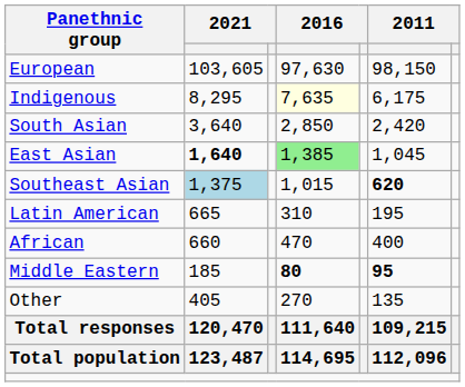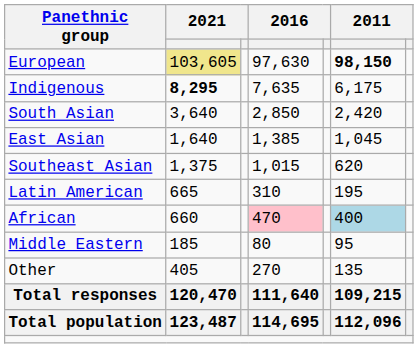 <table class="wikitable collapsible sortable">
 <tr>
 <th rowspan="2"><a href='#'>Panethnic</a><br>group</th>
 <th colspan="2">2021</th>
 <th colspan="2">2016</th>
 <th colspan="2">2011</th>
 </tr>
 <tr>
 <th><a href='#'></a></th>
 <th></th>
 <th></th>
 <th></th>
 <th></th>
 <th></th>
 </tr>
 <tr>
 <td><a href='#'>European</a></td>
-<td>103,605</td>
+<td style="background: khaki;">103,605</td>
 <td></td>
 <td>97,630</td>
 <td></td>
-<td>98,150</td>
+<td><strong>98,150</strong></td>
 <td></td>
 </tr>
 <tr>
 <td><a href='#'>Indigenous</a></td>
-<td>8,295</td>
+<td><strong>8,295</strong></td>
 <td></td>
-<td style="background: lightyellow;">7,635</td>
+<td>7,635</td>
 <td></td>
 <td>6,175</td>
 <td></td>
 </tr>
 <tr>
 <td><a href='#'>South Asian</a></td>
 <td>3,640</td>
 <td></td>
 <td>2,850</td>
 <td></td>
 <td>2,420</td>
 <td></td>
 </tr>
 <tr>
 <td><a href='#'>East Asian</a></td>
-<td><strong>1,640</strong></td>
+<td>1,640</td>
 <td></td>
-<td style="background: lightgreen;">1,385</td>
+<td>1,385</td>
 <td></td>
 <td>1,045</td>
 <td></td>
 </tr>
 <tr>
 <td><a href='#'>Southeast Asian</a></td>
-<td style="background: lightblue;">1,375</td>
+<td>1,375</td>
 <td></td>
 <td>1,015</td>
 <td></td>
-<td><strong>620</strong></td>
+<td>620</td>
 <td></td>
 </tr>
 <tr>
 <td><a href='#'>Latin American</a></td>
 <td>665</td>
 <td></td>
 <td>310</td>
 <td></td>
 <td>195</td>
 <td></td>
 </tr>
 <tr>
 <td><a href='#'>African</a></td>
 <td>660</td>
 <td></td>
-<td>470</td>
+<td style="background: pink;">470</td>
 <td></td>
-<td>400</td>
+<td style="background: lightblue;">400</td>
 <td></td>
 </tr>
 <tr>
 <td><a href='#'>Middle Eastern</a></td>
 <td>185</td>
 <td></td>
-<td><strong>80</strong></td>
+<td>80</td>
 <td></td>
-<td><strong>95</strong></td>
+<td>95</td>
 <td></td>
 </tr>
 <tr>
 <td>Other</td>
 <td>405</td>
 <td></td>
 <td>270</td>
 <td></td>
 <td>135</td>
 <td></td>
 </tr>
 <tr>
 <th>Total responses</th>
 <th>120,470</th>
 <th></th>
 <th>111,640</th>
 <th></th>
 <th>109,215</th>
 <th></th>
 </tr>
 <tr>
 <th>Total population</th>
 <th>123,487</th>
 <th></th>
 <th>114,695</th>
 <th></th>
 <th>112,096</th>
 <th></th>
 </tr>
 <tr class="sortbottom">
 <td colspan="15"></td>
 </tr>
 </table>
